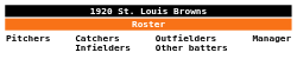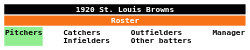 <table class="toccolours" style="font-size: 95%;">
 <tr>
 <th colspan="10" style="background-color: black; color: white; text-align: center;">1920 St. Louis Browns</th>
 </tr>
 <tr>
 <td colspan="10" style="background-color: #F87217; color: white; text-align: center;"><strong>Roster</strong></td>
 </tr>
 <tr>
-<td valign="top"><strong>Pitchers</strong><br>               </td>
+<td valign="top" style="background: lightgreen;"><strong>Pitchers</strong><br>               </td>
 <td width="25px"></td>
 <td valign="top"><strong>Catchers</strong><br>   <strong>Infielders</strong>           </td>
 <td width="25px"></td>
 <td valign="top"><strong>Outfielders</strong><br>      <strong>Other batters</strong> </td>
 <td width="25px"></td>
 <td valign="top"><strong>Manager</strong><br></td>
 </tr>
 <tr>
 </tr>
 </table>
